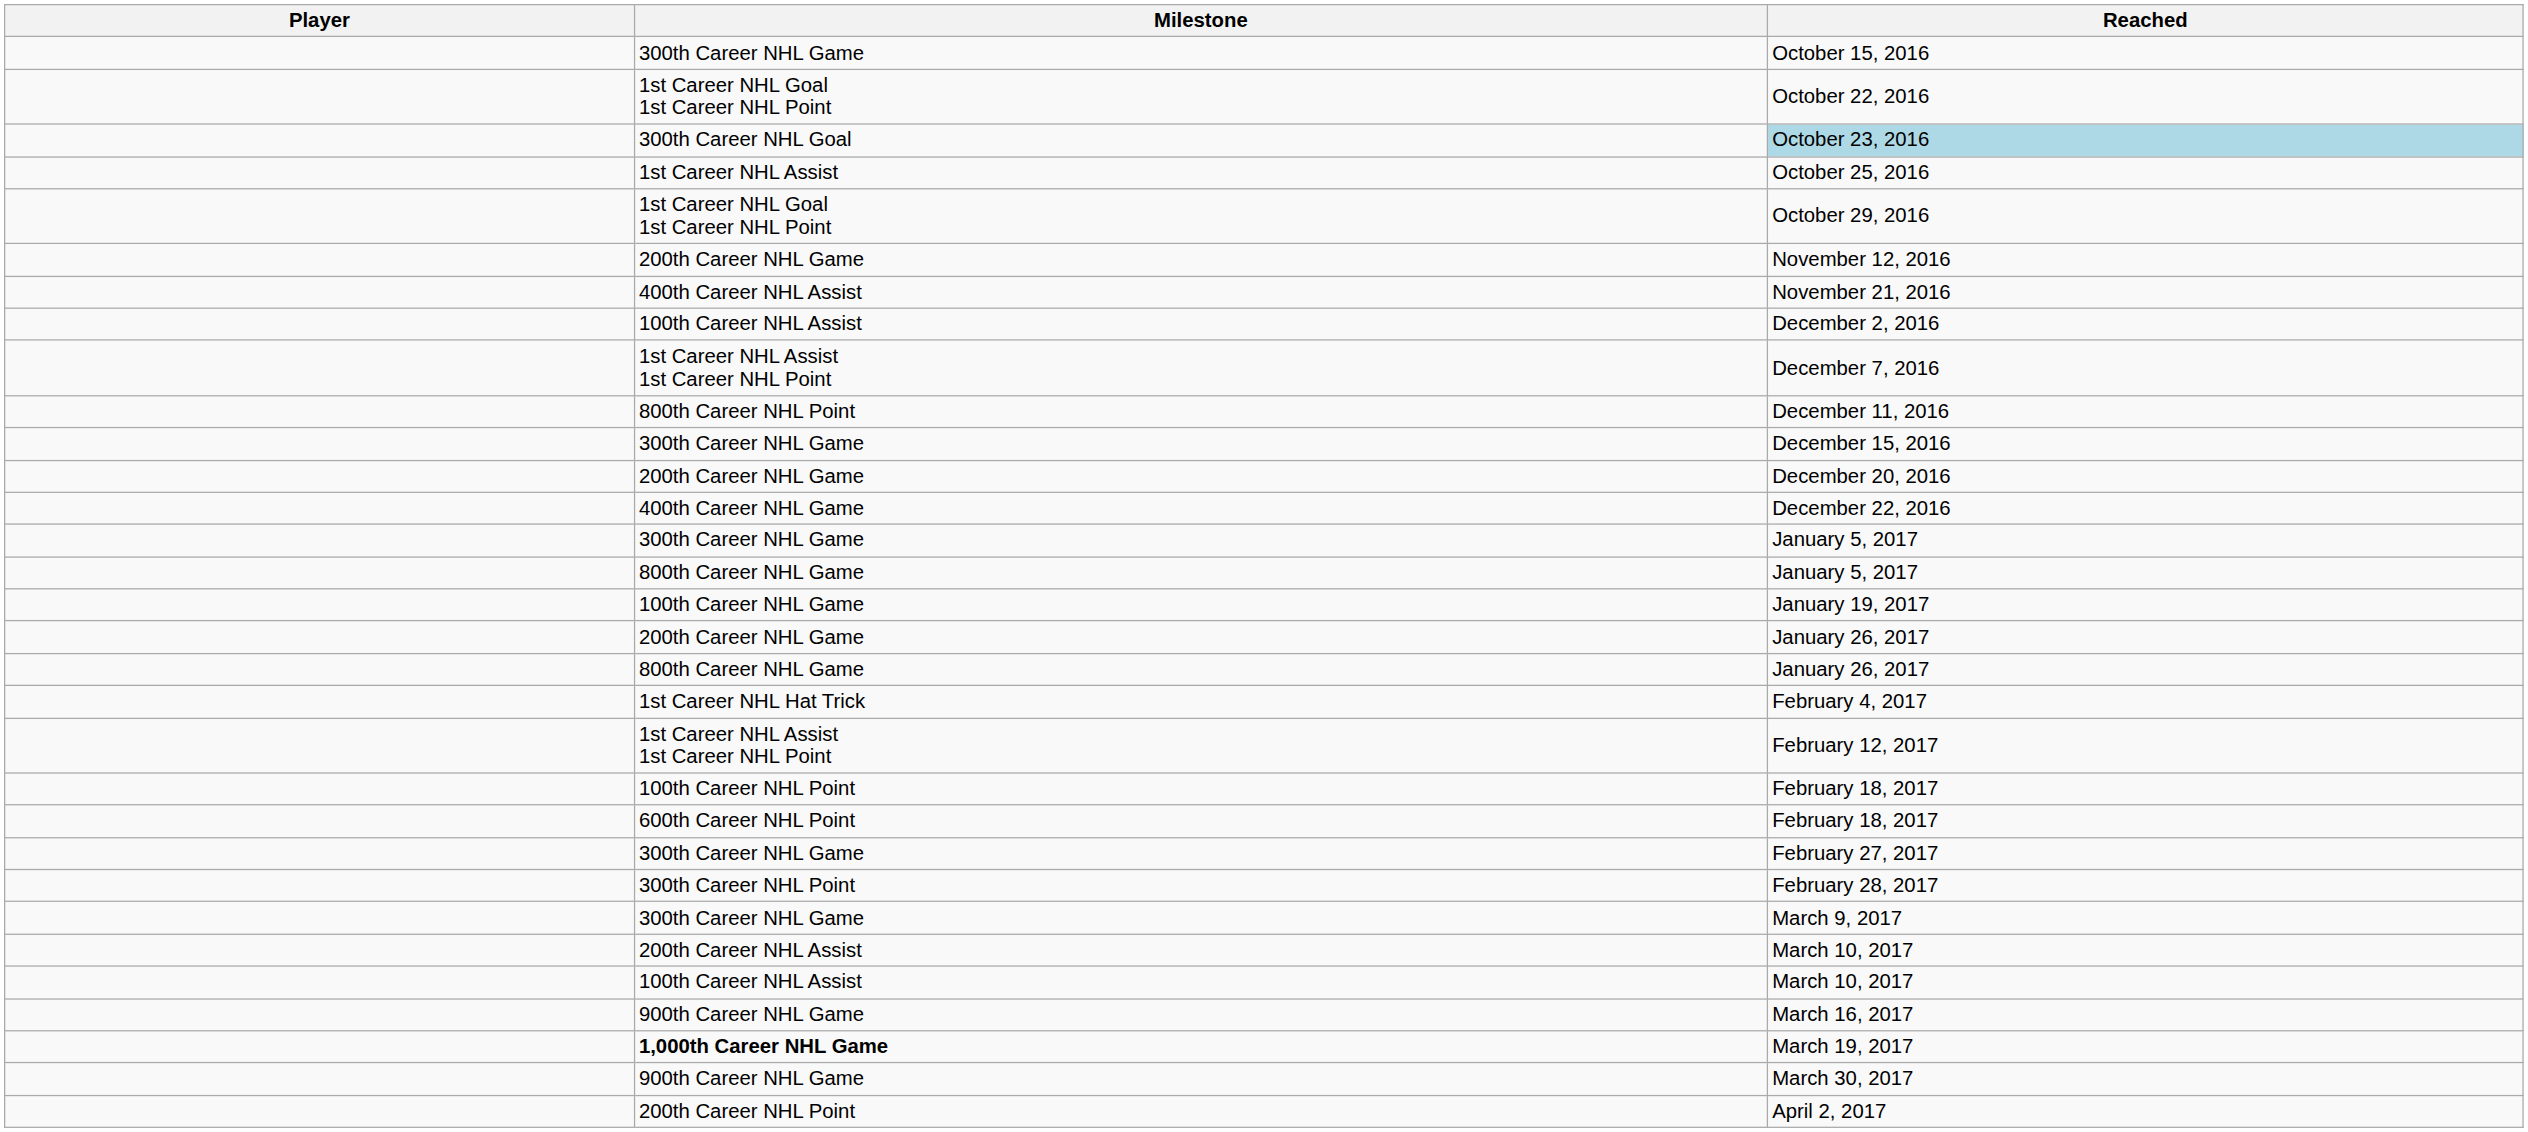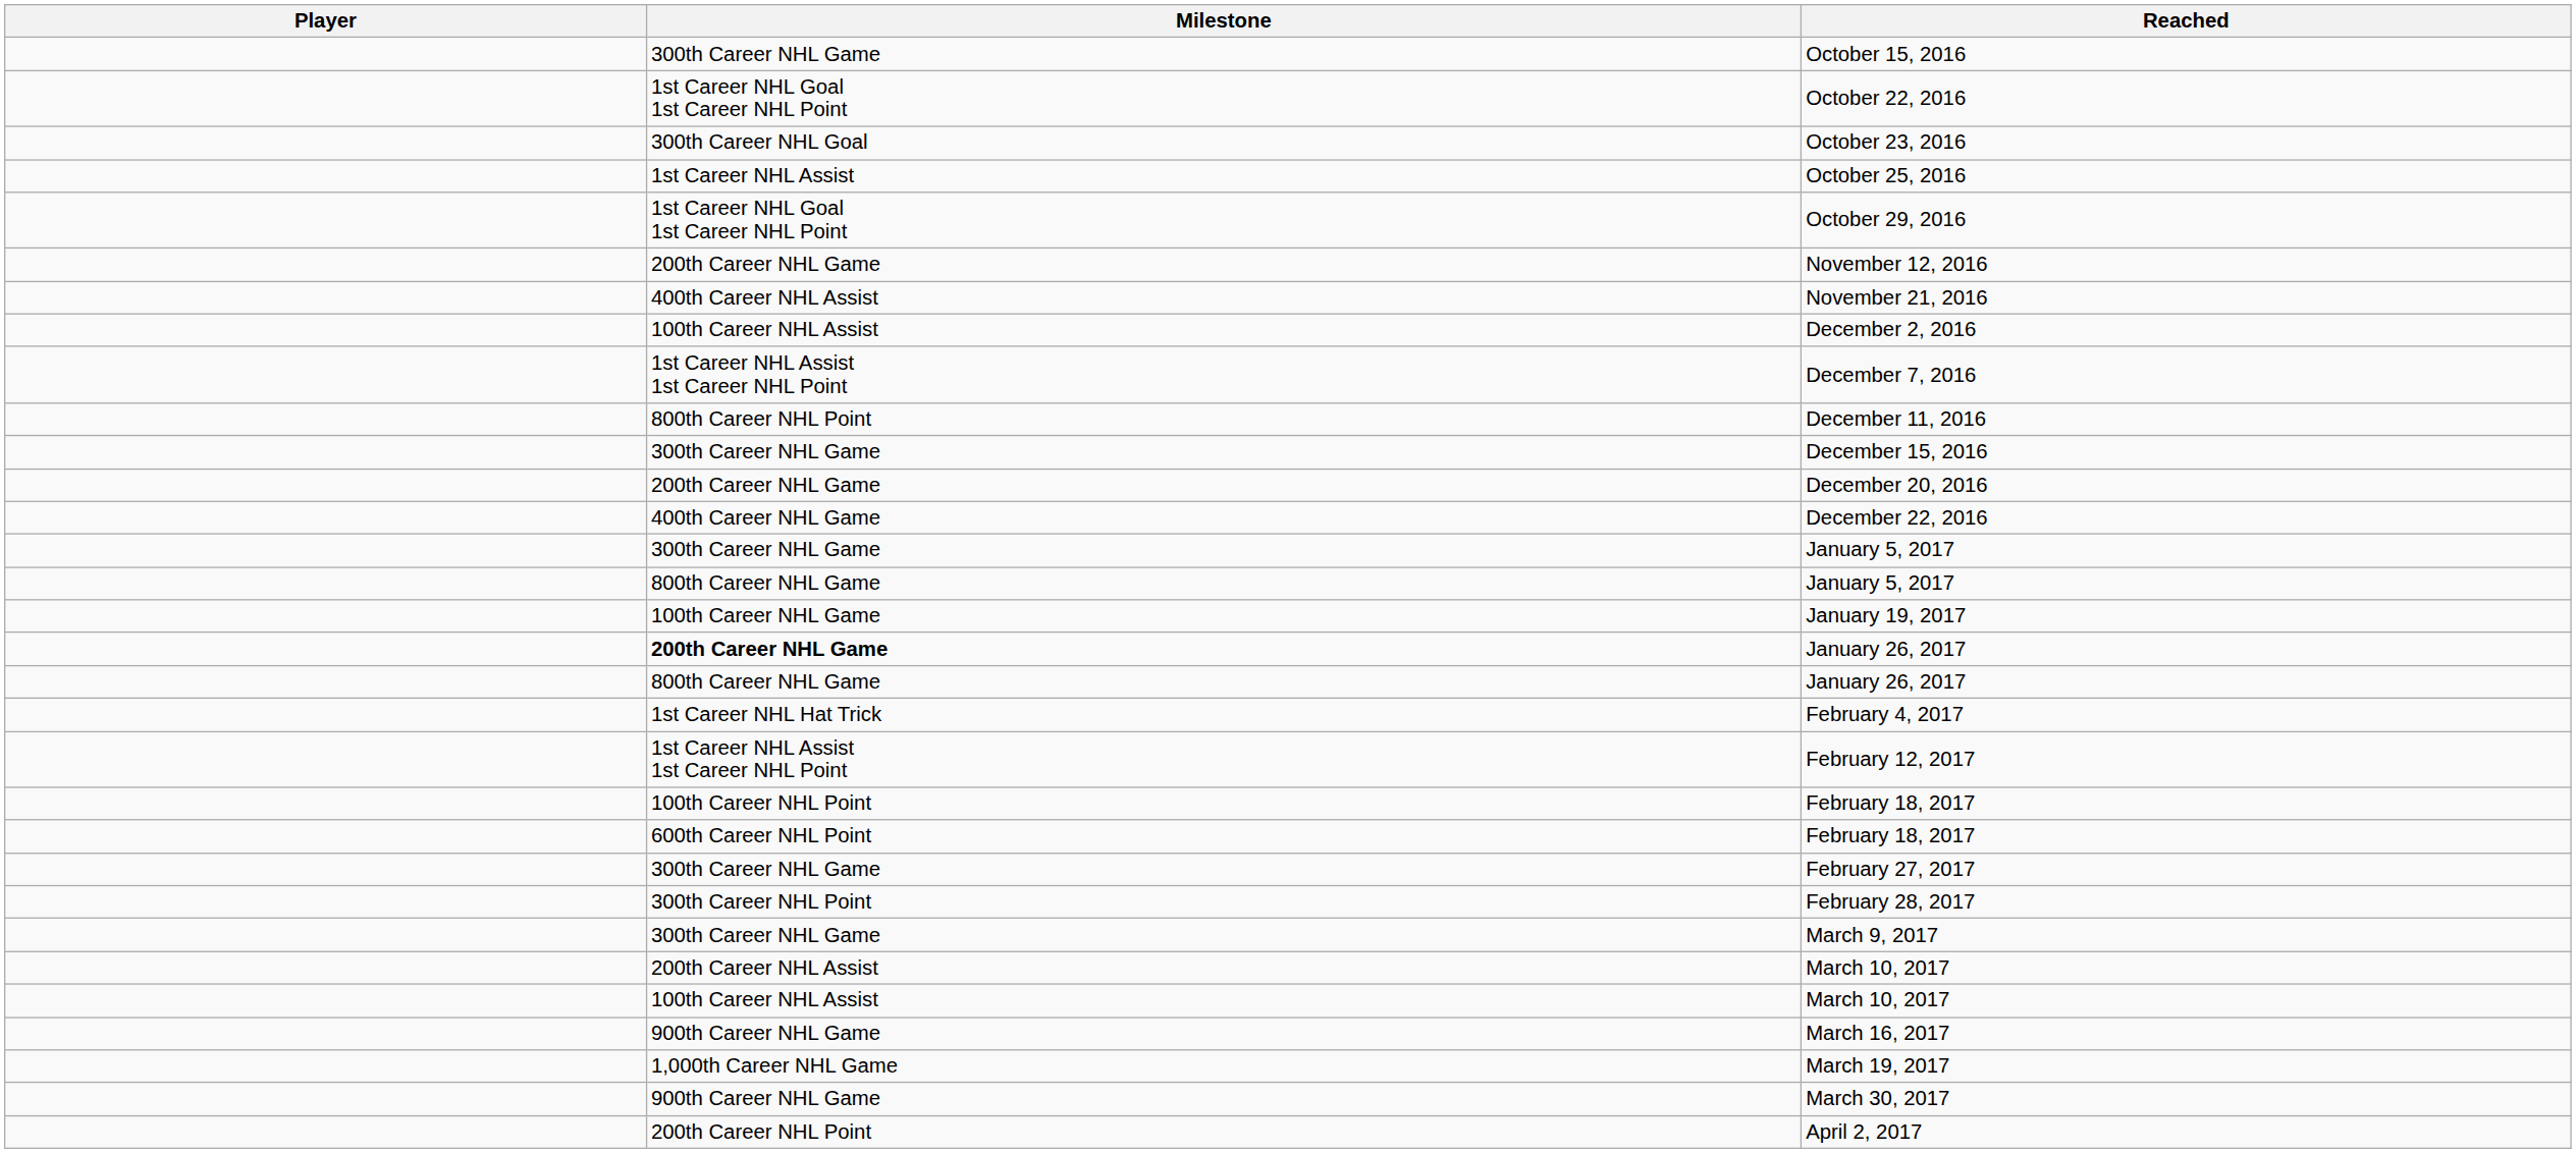 <table class="wikitable sortable" style="width:100%;">
 <tr align=center>
 <th style="width:25%;">Player</th>
 <th style="width:45%;">Milestone</th>
 <th style="width:30%;" data-sort-type="date">Reached</th>
 </tr>
 <tr>
 <td></td>
 <td>300th Career NHL Game</td>
 <td>October 15, 2016</td>
 </tr>
 <tr>
 <td></td>
 <td>1st Career NHL Goal<br>1st Career NHL Point</td>
 <td>October 22, 2016</td>
 </tr>
 <tr>
 <td></td>
 <td>300th Career NHL Goal</td>
-<td style="background: lightblue;">October 23, 2016</td>
+<td>October 23, 2016</td>
 </tr>
 <tr>
 <td></td>
 <td>1st Career NHL Assist</td>
 <td>October 25, 2016</td>
 </tr>
 <tr>
 <td></td>
 <td>1st Career NHL Goal<br>1st Career NHL Point</td>
 <td>October 29, 2016</td>
 </tr>
 <tr>
 <td></td>
 <td>200th Career NHL Game</td>
 <td>November 12, 2016</td>
 </tr>
 <tr>
 <td></td>
 <td>400th Career NHL Assist</td>
 <td>November 21, 2016</td>
 </tr>
 <tr>
 <td></td>
 <td>100th Career NHL Assist</td>
 <td>December 2, 2016</td>
 </tr>
 <tr>
 <td></td>
 <td>1st Career NHL Assist<br>1st Career NHL Point</td>
 <td>December 7, 2016</td>
 </tr>
 <tr>
 <td></td>
 <td>800th Career NHL Point</td>
 <td>December 11, 2016</td>
 </tr>
 <tr>
 <td></td>
 <td>300th Career NHL Game</td>
 <td>December 15, 2016</td>
 </tr>
 <tr>
 <td></td>
 <td>200th Career NHL Game</td>
 <td>December 20, 2016</td>
 </tr>
 <tr>
 <td></td>
 <td>400th Career NHL Game</td>
 <td>December 22, 2016</td>
 </tr>
 <tr>
 <td></td>
 <td>300th Career NHL Game</td>
 <td>January 5, 2017</td>
 </tr>
 <tr>
 <td></td>
 <td>800th Career NHL Game</td>
 <td>January 5, 2017</td>
 </tr>
 <tr>
 <td></td>
 <td>100th Career NHL Game</td>
 <td>January 19, 2017</td>
 </tr>
 <tr>
 <td></td>
-<td>200th Career NHL Game</td>
+<td><strong>200th Career NHL Game</strong></td>
 <td>January 26, 2017</td>
 </tr>
 <tr>
 <td></td>
 <td>800th Career NHL Game</td>
 <td>January 26, 2017</td>
 </tr>
 <tr>
 <td></td>
 <td>1st Career NHL Hat Trick</td>
 <td>February 4, 2017</td>
 </tr>
 <tr>
 <td></td>
 <td>1st Career NHL Assist<br>1st Career NHL Point</td>
 <td>February 12, 2017</td>
 </tr>
 <tr>
 <td></td>
 <td>100th Career NHL Point</td>
 <td>February 18, 2017</td>
 </tr>
 <tr>
 <td></td>
 <td>600th Career NHL Point</td>
 <td>February 18, 2017</td>
 </tr>
 <tr>
 <td></td>
 <td>300th Career NHL Game</td>
 <td>February 27, 2017</td>
 </tr>
 <tr>
 <td></td>
 <td>300th Career NHL Point</td>
 <td>February 28, 2017</td>
 </tr>
 <tr>
 <td></td>
 <td>300th Career NHL Game</td>
 <td>March 9, 2017</td>
 </tr>
 <tr>
 <td></td>
 <td>200th Career NHL Assist</td>
 <td>March 10, 2017</td>
 </tr>
 <tr>
 <td></td>
 <td>100th Career NHL Assist</td>
 <td>March 10, 2017</td>
 </tr>
 <tr>
 <td></td>
 <td>900th Career NHL Game</td>
 <td>March 16, 2017</td>
 </tr>
 <tr>
 <td></td>
-<td><strong>1,000th Career NHL Game</strong></td>
+<td>1,000th Career NHL Game</td>
 <td>March 19, 2017</td>
 </tr>
 <tr>
 <td></td>
 <td>900th Career NHL Game</td>
 <td>March 30, 2017</td>
 </tr>
 <tr>
 <td></td>
 <td>200th Career NHL Point</td>
 <td>April 2, 2017</td>
 </tr>
 </table>
